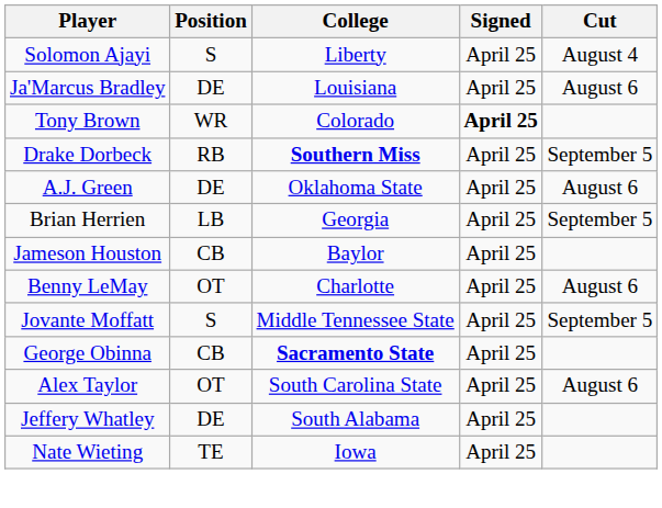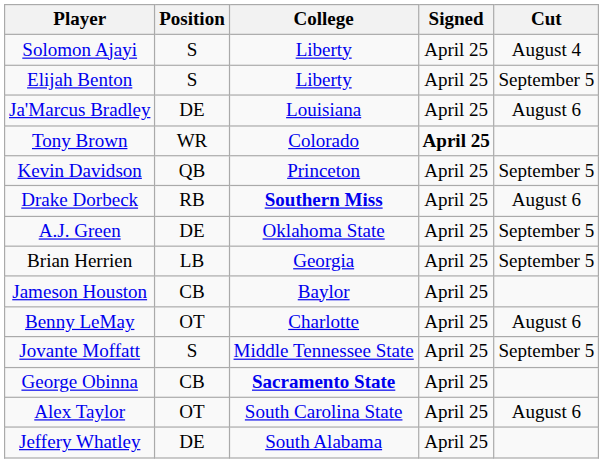 <table class="wikitable" style="text-align:center">
 <tr>
 <th>Player</th>
 <th>Position</th>
 <th>College</th>
 <th>Signed</th>
 <th>Cut</th>
 </tr>
 <tr>
 <td><a href='#'>Solomon Ajayi</a></td>
 <td>S</td>
 <td><a href='#'>Liberty</a></td>
 <td>April 25</td>
 <td>August 4</td>
 </tr>
 <tr>
+<td><a href='#'>Elijah Benton</a></td>
+<td>S</td>
+<td><a href='#'>Liberty</a></td>
+<td>April 25</td>
+<td>September 5</td>
+</tr>
+<tr>
 <td><a href='#'>Ja'Marcus Bradley</a></td>
 <td>DE</td>
 <td><a href='#'>Louisiana</a></td>
 <td>April 25</td>
 <td>August 6</td>
 </tr>
 <tr>
 <td><a href='#'>Tony Brown</a></td>
 <td>WR</td>
 <td><a href='#'>Colorado</a></td>
 <td><strong>April 25</strong></td>
 <td></td>
 </tr>
 <tr>
+<td><a href='#'>Kevin Davidson</a></td>
+<td>QB</td>
+<td><a href='#'>Princeton</a></td>
+<td>April 25</td>
+<td>September 5</td>
+</tr>
+<tr>
 <td><a href='#'>Drake Dorbeck</a></td>
 <td>RB</td>
 <td><strong><a href='#'>Southern Miss</a></strong></td>
 <td>April 25</td>
-<td>September 5</td>
+<td>August 6</td>
 </tr>
 <tr>
 <td><a href='#'>A.J. Green</a></td>
 <td>DE</td>
 <td><a href='#'>Oklahoma State</a></td>
 <td>April 25</td>
-<td>August 6</td>
+<td>September 5</td>
 </tr>
 <tr>
 <td>Brian Herrien</td>
 <td>LB</td>
 <td><a href='#'>Georgia</a></td>
 <td>April 25</td>
 <td>September 5</td>
 </tr>
 <tr>
 <td><a href='#'>Jameson Houston</a></td>
 <td>CB</td>
 <td><a href='#'>Baylor</a></td>
 <td>April 25</td>
 <td></td>
 </tr>
 <tr>
 <td><a href='#'>Benny LeMay</a></td>
 <td>OT</td>
 <td><a href='#'>Charlotte</a></td>
 <td>April 25</td>
 <td>August 6</td>
 </tr>
 <tr>
 <td><a href='#'>Jovante Moffatt</a></td>
 <td>S</td>
 <td><a href='#'>Middle Tennessee State</a></td>
 <td>April 25</td>
 <td>September 5</td>
 </tr>
 <tr>
 <td><a href='#'>George Obinna</a></td>
 <td>CB</td>
 <td><strong><a href='#'>Sacramento State</a></strong></td>
 <td>April 25</td>
 <td></td>
 </tr>
 <tr>
 <td><a href='#'>Alex Taylor</a></td>
 <td>OT</td>
 <td><a href='#'>South Carolina State</a></td>
 <td>April 25</td>
 <td>August 6</td>
 </tr>
 <tr>
 <td><a href='#'>Jeffery Whatley</a></td>
 <td>DE</td>
 <td><a href='#'>South Alabama</a></td>
 <td>April 25</td>
 <td></td>
 </tr>
-<tr>
-<td><a href='#'>Nate Wieting</a></td>
-<td>TE</td>
-<td><a href='#'>Iowa</a></td>
-<td>April 25</td>
-<td></td>
-</tr>
 </table>
